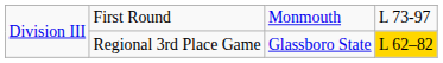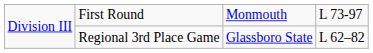 <table class="wikitable">
 <tr>
 <td rowspan="2"><a href='#'>Division III</a></td>
 <td>First Round</td>
 <td><a href='#'>Monmouth</a></td>
 <td>L 73-97</td>
 </tr>
 <tr>
 <td>Regional 3rd Place Game</td>
 <td><a href='#'>Glassboro State</a></td>
-<td style="background: gold;">L 62–82</td>
+<td>L 62–82</td>
 </tr>
 </table>
